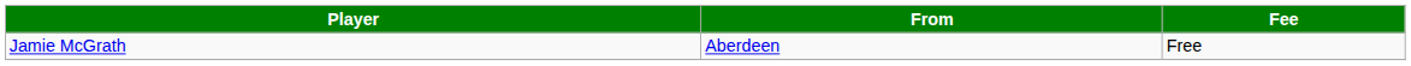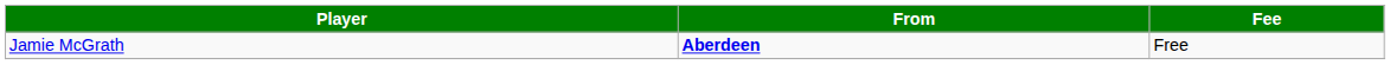 <table class="wikitable" style="text-align:left; font-size:95%;width:98%;">
 <tr>
 <th style="background:#008000; color:#FFFFFF; color:white;"><strong>Player</strong></th>
 <th style="background:#008000; color:#FFFFFF; color:white;"><strong>From</strong></th>
 <th style="background:#008000; color:#FFFFFF; color:white;"><strong>Fee</strong></th>
 </tr>
 <tr>
 <td> <a href='#'>Jamie McGrath</a></td>
-<td> <a href='#'>Aberdeen</a></td>
+<td><strong> <a href='#'>Aberdeen</a></strong></td>
 <td>Free</td>
 </tr>
 <tr>
 </tr>
 </table>
